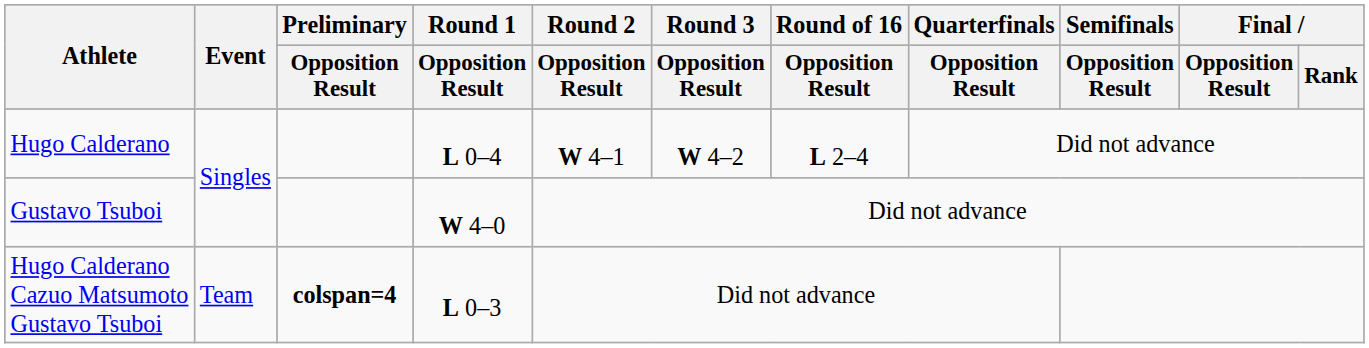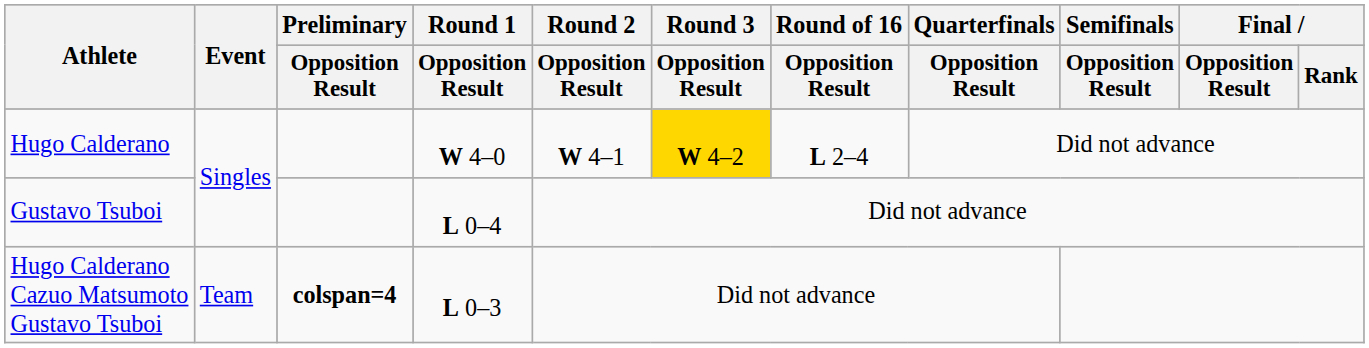 <table class="wikitable" style="font-size:90%;">
 <tr>
 <th rowspan=2>Athlete</th>
 <th rowspan=2>Event</th>
 <th>Preliminary</th>
 <th>Round 1</th>
 <th>Round 2</th>
 <th>Round 3</th>
 <th>Round of 16</th>
 <th>Quarterfinals</th>
 <th>Semifinals</th>
 <th colspan=2>Final / </th>
 </tr>
 <tr style="font-size:95%">
 <th>Opposition<br>Result</th>
 <th>Opposition<br>Result</th>
 <th>Opposition<br>Result</th>
 <th>Opposition<br>Result</th>
 <th>Opposition<br>Result</th>
 <th>Opposition<br>Result</th>
 <th>Opposition<br>Result</th>
 <th>Opposition<br>Result</th>
 <th>Rank</th>
 </tr>
 <tr align=center>
 <td align=left><a href='#'>Hugo Calderano</a></td>
 <td align=left rowspan=2><a href='#'>Singles</a></td>
 <td></td>
-<td><br><strong>L</strong> 0–4</td>
+<td><br><strong>W</strong> 4–0</td>
 <td><br><strong>W</strong> 4–1</td>
-<td><br><strong>W</strong> 4–2</td>
+<td style="background: gold;"><br><strong>W</strong> 4–2</td>
 <td><br><strong>L</strong> 2–4</td>
 <td colspan=4>Did not advance</td>
 </tr>
 <tr align=center>
 <td align=left><a href='#'>Gustavo Tsuboi</a></td>
 <td></td>
-<td><br><strong>W</strong> 4–0</td>
+<td><br><strong>L</strong> 0–4</td>
 <td colspan=7>Did not advance</td>
 </tr>
 <tr align=center>
 <td align=left><a href='#'>Hugo Calderano</a><br><a href='#'>Cazuo Matsumoto</a><br><a href='#'>Gustavo Tsuboi</a></td>
 <td align=left><a href='#'>Team</a></td>
 <td><strong>colspan=4 </strong></td>
 <td><br><strong>L</strong> 0–3</td>
 <td colspan=4>Did not advance</td>
 </tr>
 </table>
